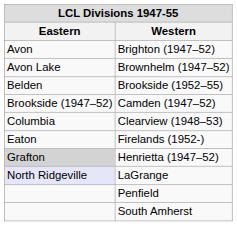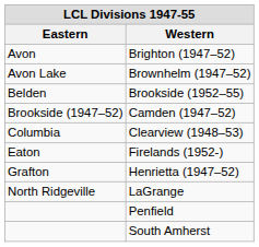 <table class="wikitable">
 <tr>
 <th colspan="4" style="background:#ddd;">LCL Divisions 1947-55</th>
 </tr>
 <tr>
 <th>Eastern</th>
 <th>Western</th>
 </tr>
 <tr>
 <td>Avon</td>
 <td>Brighton (1947–52)</td>
 </tr>
 <tr>
 <td>Avon Lake</td>
 <td>Brownhelm (1947–52)</td>
 </tr>
 <tr>
 <td>Belden</td>
 <td>Brookside (1952–55)</td>
 </tr>
 <tr>
 <td>Brookside (1947–52)</td>
 <td>Camden (1947–52)</td>
 </tr>
 <tr>
 <td>Columbia</td>
 <td>Clearview (1948–53)</td>
 </tr>
 <tr>
 <td>Eaton</td>
 <td>Firelands (1952-)</td>
 </tr>
 <tr>
-<td style="background: lightgrey;">Grafton</td>
+<td>Grafton</td>
 <td>Henrietta (1947–52)</td>
 </tr>
 <tr>
-<td style="background: lavender;">North Ridgeville</td>
+<td>North Ridgeville</td>
 <td>LaGrange</td>
 </tr>
 <tr>
 <td></td>
 <td>Penfield</td>
 </tr>
 <tr>
 <td></td>
 <td>South Amherst</td>
 </tr>
 </table>
